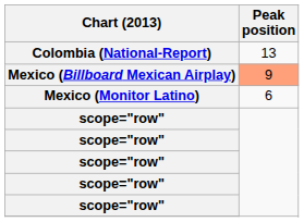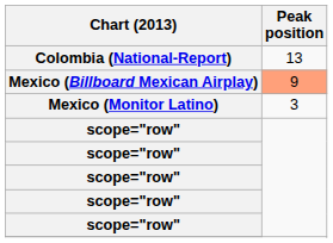 <table class="wikitable plainrowheaders sortable" style="text-align:center;">
 <tr>
 <th scope="col">Chart (2013)</th>
 <th scope="col">Peak<br>position</th>
 </tr>
 <tr>
 <th scope="row">Colombia (<a href='#'>National-Report</a>)</th>
 <td style="text-align:center;">13</td>
 </tr>
 <tr>
 <th scope="row">Mexico (<a href='#'><em>Billboard</em> Mexican Airplay</a>)</th>
 <td style="background: lightsalmon; text-align:center;">9</td>
 </tr>
 <tr>
 <th scope="row">Mexico (<a href='#'>Monitor Latino</a>)</th>
-<td style="text-align:center;">6</td>
+<td style="text-align:center;">3</td>
 </tr>
 <tr>
 <th>scope="row"</th>
 </tr>
 <tr>
 <th>scope="row"</th>
 </tr>
 <tr>
 <th>scope="row"</th>
 </tr>
 <tr>
 <th>scope="row"</th>
 </tr>
 <tr>
 <th>scope="row"</th>
 </tr>
 <tr>
 </tr>
 </table>
